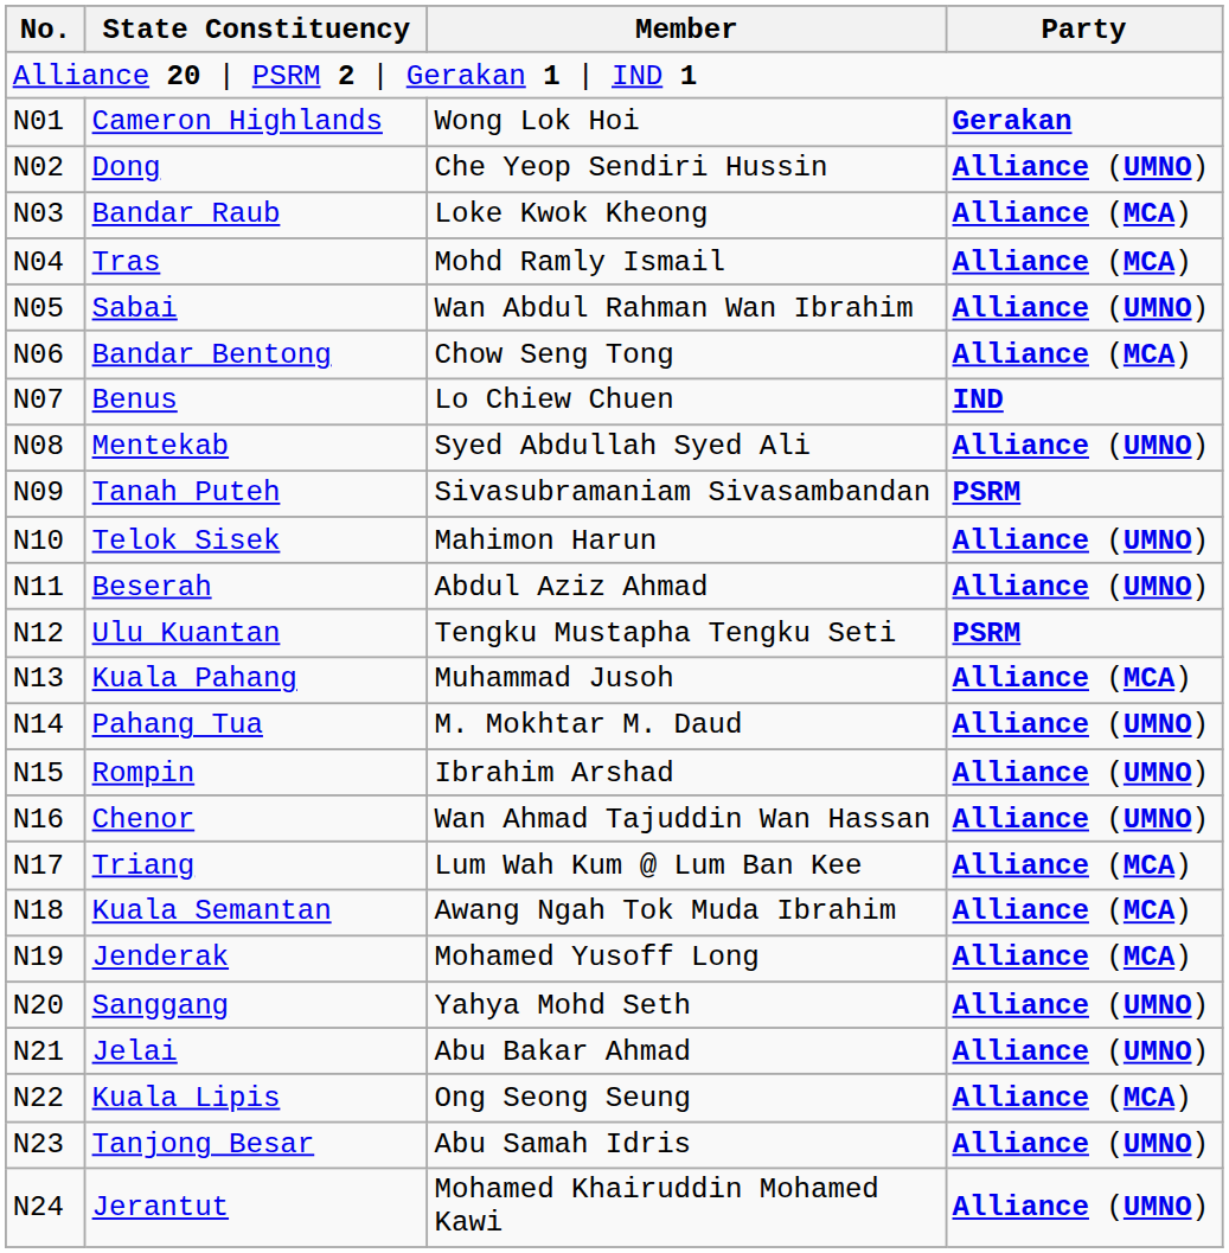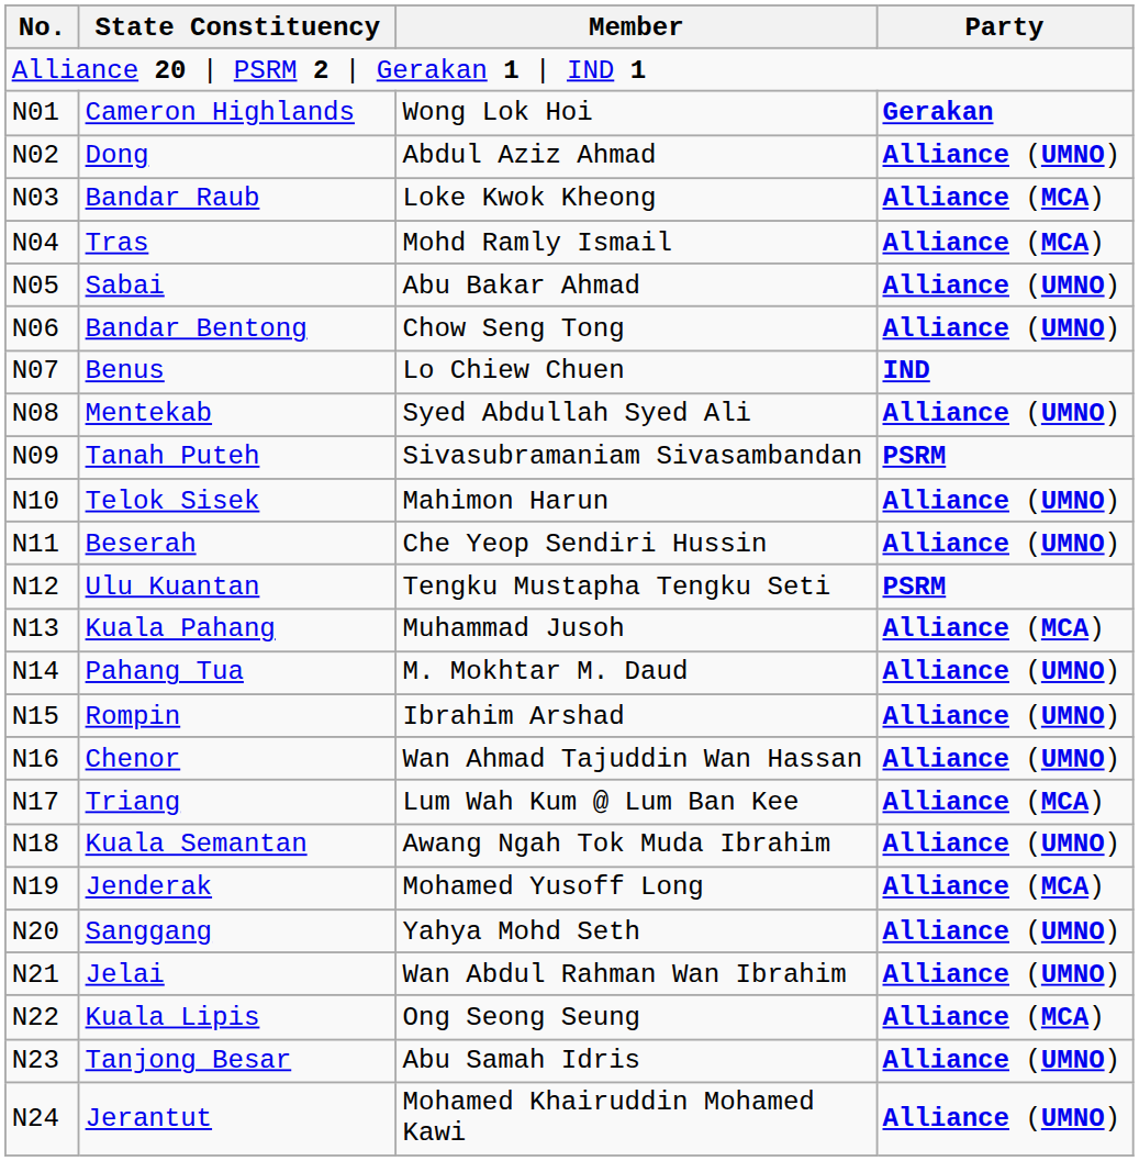 <table class="wikitable sortable">
 <tr>
 <th style="width:30px;">No.</th>
 <th style="width:150px;">State Constituency</th>
 <th style="width:230px;">Member</th>
 <th style="width:120px;">Party</th>
 </tr>
 <tr>
 <td colspan="4"><a href='#'>Alliance</a> <strong>20</strong> | <a href='#'>PSRM</a> <strong>2</strong> | <a href='#'>Gerakan</a> <strong>1</strong> | <a href='#'>IND</a> <strong>1</strong></td>
 </tr>
 <tr>
 <td>N01</td>
 <td><a href='#'>Cameron Highlands</a></td>
 <td>Wong Lok Hoi</td>
 <td><strong><a href='#'>Gerakan</a></strong></td>
 </tr>
 <tr>
 <td>N02</td>
 <td><a href='#'>Dong</a></td>
-<td>Che Yeop Sendiri Hussin</td>
+<td>Abdul Aziz Ahmad</td>
 <td><strong><a href='#'>Alliance</a></strong> (<strong><a href='#'>UMNO</a></strong>)</td>
 </tr>
 <tr>
 <td>N03</td>
 <td><a href='#'>Bandar Raub</a></td>
 <td>Loke Kwok Kheong</td>
 <td><strong><a href='#'>Alliance</a></strong> (<strong><a href='#'>MCA</a></strong>)</td>
 </tr>
 <tr>
 <td>N04</td>
 <td><a href='#'>Tras</a></td>
 <td>Mohd Ramly Ismail</td>
 <td><strong><a href='#'>Alliance</a></strong> (<strong><a href='#'>MCA</a></strong>)</td>
 </tr>
 <tr>
 <td>N05</td>
 <td><a href='#'>Sabai</a></td>
-<td>Wan Abdul Rahman Wan Ibrahim</td>
+<td>Abu Bakar Ahmad</td>
 <td><strong><a href='#'>Alliance</a></strong> (<strong><a href='#'>UMNO</a></strong>)</td>
 </tr>
 <tr>
 <td>N06</td>
 <td><a href='#'>Bandar Bentong</a></td>
 <td>Chow Seng Tong</td>
-<td><strong><a href='#'>Alliance</a></strong> (<strong><a href='#'>MCA</a></strong>)</td>
+<td><strong><a href='#'>Alliance</a></strong> (<strong><a href='#'>UMNO</a></strong>)</td>
 </tr>
 <tr>
 <td>N07</td>
 <td><a href='#'>Benus</a></td>
 <td>Lo Chiew Chuen</td>
 <td><strong><a href='#'>IND</a></strong></td>
 </tr>
 <tr>
 <td>N08</td>
 <td><a href='#'>Mentekab</a></td>
 <td>Syed Abdullah Syed Ali</td>
 <td><strong><a href='#'>Alliance</a></strong> (<strong><a href='#'>UMNO</a></strong>)</td>
 </tr>
 <tr>
 <td>N09</td>
 <td><a href='#'>Tanah Puteh</a></td>
 <td>Sivasubramaniam Sivasambandan</td>
 <td><strong><a href='#'>PSRM</a></strong></td>
 </tr>
 <tr>
 <td>N10</td>
 <td><a href='#'>Telok Sisek</a></td>
 <td>Mahimon Harun</td>
 <td><strong><a href='#'>Alliance</a></strong> (<strong><a href='#'>UMNO</a></strong>)</td>
 </tr>
 <tr>
 <td>N11</td>
 <td><a href='#'>Beserah</a></td>
-<td>Abdul Aziz Ahmad</td>
+<td>Che Yeop Sendiri Hussin</td>
 <td><strong><a href='#'>Alliance</a></strong> (<strong><a href='#'>UMNO</a></strong>)</td>
 </tr>
 <tr>
 <td>N12</td>
 <td><a href='#'>Ulu Kuantan</a></td>
 <td>Tengku Mustapha Tengku Seti</td>
 <td><strong><a href='#'>PSRM</a></strong></td>
 </tr>
 <tr>
 <td>N13</td>
 <td><a href='#'>Kuala Pahang</a></td>
 <td>Muhammad Jusoh</td>
 <td><strong><a href='#'>Alliance</a></strong> (<strong><a href='#'>MCA</a></strong>)</td>
 </tr>
 <tr>
 <td>N14</td>
 <td><a href='#'>Pahang Tua</a></td>
 <td>M. Mokhtar M. Daud</td>
 <td><strong><a href='#'>Alliance</a></strong> (<strong><a href='#'>UMNO</a></strong>)</td>
 </tr>
 <tr>
 <td>N15</td>
 <td><a href='#'>Rompin</a></td>
 <td>Ibrahim Arshad</td>
 <td><strong><a href='#'>Alliance</a></strong> (<strong><a href='#'>UMNO</a></strong>)</td>
 </tr>
 <tr>
 <td>N16</td>
 <td><a href='#'>Chenor</a></td>
 <td>Wan Ahmad Tajuddin Wan Hassan</td>
 <td><strong><a href='#'>Alliance</a></strong> (<strong><a href='#'>UMNO</a></strong>)</td>
 </tr>
 <tr>
 <td>N17</td>
 <td><a href='#'>Triang</a></td>
 <td>Lum Wah Kum @ Lum Ban Kee</td>
 <td><strong><a href='#'>Alliance</a></strong> (<strong><a href='#'>MCA</a></strong>)</td>
 </tr>
 <tr>
 <td>N18</td>
 <td><a href='#'>Kuala Semantan</a></td>
 <td>Awang Ngah Tok Muda Ibrahim</td>
-<td><strong><a href='#'>Alliance</a></strong> (<strong><a href='#'>MCA</a></strong>)</td>
+<td><strong><a href='#'>Alliance</a></strong> (<strong><a href='#'>UMNO</a></strong>)</td>
 </tr>
 <tr>
 <td>N19</td>
 <td><a href='#'>Jenderak</a></td>
 <td>Mohamed Yusoff Long</td>
 <td><strong><a href='#'>Alliance</a></strong> (<strong><a href='#'>MCA</a></strong>)</td>
 </tr>
 <tr>
 <td>N20</td>
 <td><a href='#'>Sanggang</a></td>
 <td>Yahya Mohd Seth</td>
 <td><strong><a href='#'>Alliance</a></strong> (<strong><a href='#'>UMNO</a></strong>)</td>
 </tr>
 <tr>
 <td>N21</td>
 <td><a href='#'>Jelai</a></td>
-<td>Abu Bakar Ahmad</td>
+<td>Wan Abdul Rahman Wan Ibrahim</td>
 <td><strong><a href='#'>Alliance</a></strong> (<strong><a href='#'>UMNO</a></strong>)</td>
 </tr>
 <tr>
 <td>N22</td>
 <td><a href='#'>Kuala Lipis</a></td>
 <td>Ong Seong Seung</td>
 <td><strong><a href='#'>Alliance</a></strong> (<strong><a href='#'>MCA</a></strong>)</td>
 </tr>
 <tr>
 <td>N23</td>
 <td><a href='#'>Tanjong Besar</a></td>
 <td>Abu Samah Idris</td>
 <td><strong><a href='#'>Alliance</a></strong> (<strong><a href='#'>UMNO</a></strong>)</td>
 </tr>
 <tr>
 <td>N24</td>
 <td><a href='#'>Jerantut</a></td>
 <td>Mohamed Khairuddin Mohamed Kawi</td>
 <td><strong><a href='#'>Alliance</a></strong> (<strong><a href='#'>UMNO</a></strong>)</td>
 </tr>
 </table>
